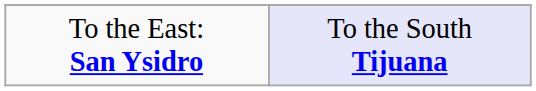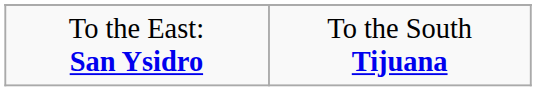 <table class="wikitable" style="margin: 0.5em auto; clear: both; font-size:95%;">
 <tr style="text-align: center;">
 </tr>
 <tr style="text-align: center;">
 <td width="30%" align="center" rowspan="1">To the East:<br><strong><a href='#'>San Ysidro</a></strong><br></td>
-<td width="30%" align="center" rowspan="1" style="background: lavender;">To the South<br><strong><a href='#'>Tijuana</a></strong></td>
+<td width="30%" align="center" rowspan="1">To the South<br><strong><a href='#'>Tijuana</a></strong></td>
 </tr>
 </table>
